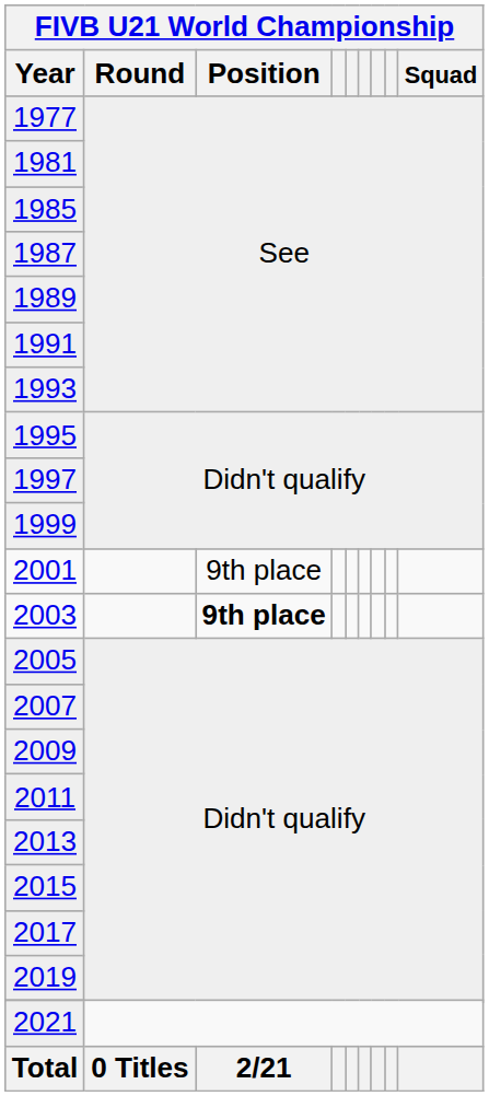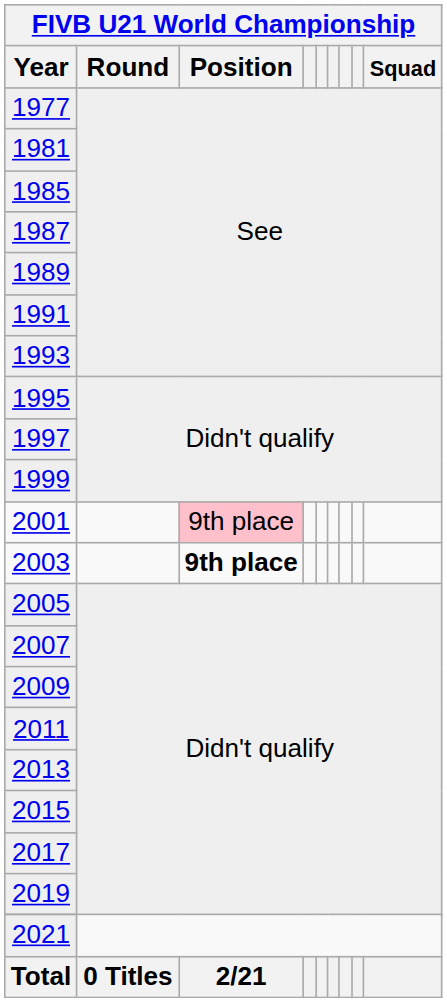 <table class="wikitable" style="text-align: center;">
 <tr>
 <th colspan=9><a href='#'>FIVB U21 World Championship</a></th>
 </tr>
 <tr>
 <th>Year</th>
 <th>Round</th>
 <th>Position</th>
 <th></th>
 <th></th>
 <th></th>
 <th></th>
 <th></th>
 <th><small>Squad</small></th>
 </tr>
 <tr bgcolor="efefef">
 <td> <a href='#'>1977</a></td>
 <td colspan=9 rowspan=7>See </td>
 </tr>
 <tr bgcolor="efefef">
 <td> <a href='#'>1981</a></td>
 </tr>
 <tr bgcolor="efefef">
 <td> <a href='#'>1985</a></td>
 </tr>
 <tr bgcolor="efefef">
 <td> <a href='#'>1987</a></td>
 </tr>
 <tr bgcolor="efefef">
 <td> <a href='#'>1989</a></td>
 </tr>
 <tr bgcolor="efefef">
 <td> <a href='#'>1991</a></td>
 </tr>
 <tr bgcolor="efefef">
 <td> <a href='#'>1993</a></td>
 </tr>
 <tr bgcolor="efefef">
 <td> <a href='#'>1995</a></td>
 <td colspan=9 rowspan=3>Didn't qualify</td>
 </tr>
 <tr bgcolor="efefef">
 <td> <a href='#'>1997</a></td>
 </tr>
 <tr bgcolor="efefef">
 <td> <a href='#'>1999</a></td>
 </tr>
 <tr>
 <td> <a href='#'>2001</a></td>
 <td></td>
-<td>9th place</td>
+<td style="background: pink;">9th place</td>
 <td></td>
 <td></td>
 <td></td>
 <td></td>
 <td></td>
 <td></td>
 </tr>
 <tr>
 <td> <a href='#'>2003</a></td>
 <td></td>
 <td><strong>9th place</strong></td>
 <td></td>
 <td></td>
 <td></td>
 <td></td>
 <td></td>
 <td></td>
 </tr>
 <tr bgcolor="efefef">
 <td> <a href='#'>2005</a></td>
 <td colspan=9 rowspan=9>Didn't qualify</td>
 </tr>
 <tr bgcolor="efefef">
 <td> <a href='#'>2007</a></td>
 </tr>
 <tr bgcolor="efefef">
 <td> <a href='#'>2009</a></td>
 </tr>
 <tr bgcolor="efefef">
 <td> <a href='#'>2011</a></td>
 </tr>
 <tr bgcolor="efefef">
 <td> <a href='#'>2013</a></td>
 </tr>
 <tr bgcolor="efefef">
 <td> <a href='#'>2015</a></td>
 </tr>
 <tr bgcolor="efefef">
 <td> <a href='#'>2017</a></td>
 </tr>
 <tr bgcolor="efefef">
 <td> <a href='#'>2019</a></td>
 </tr>
 <tr>
 </tr>
 <tr bgcolor="efefef">
 <td>  <a href='#'>2021</a></td>
 </tr>
 <tr>
 <th>Total</th>
 <th>0 Titles</th>
 <th>2/21</th>
 <th></th>
 <th></th>
 <th></th>
 <th></th>
 <th></th>
 <th></th>
 </tr>
 </table>
